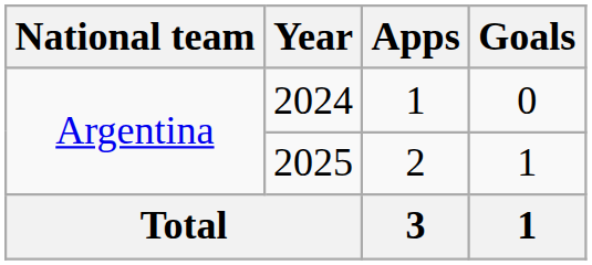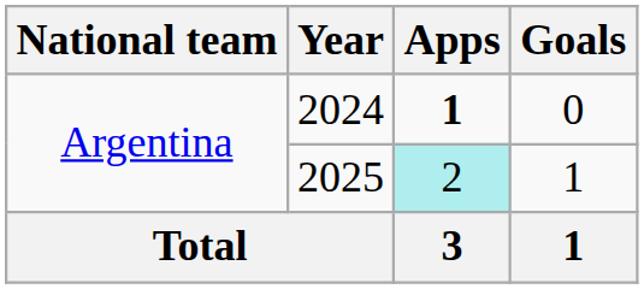 <table class="wikitable" style="text-align: center;">
 <tr>
 <th>National team</th>
 <th>Year</th>
 <th>Apps</th>
 <th>Goals</th>
 </tr>
 <tr>
 <td rowspan="2"><a href='#'>Argentina</a></td>
 <td>2024</td>
-<td>1</td>
+<td><strong>1</strong></td>
 <td>0</td>
 </tr>
 <tr>
 <td>2025</td>
-<td>2</td>
+<td style="background: paleturquoise;">2</td>
 <td>1</td>
 </tr>
 <tr>
 <th colspan="2">Total</th>
 <th>3</th>
 <th>1</th>
 </tr>
 </table>
